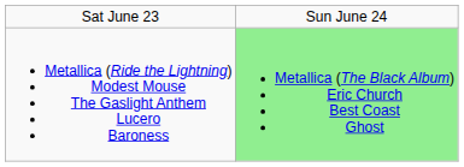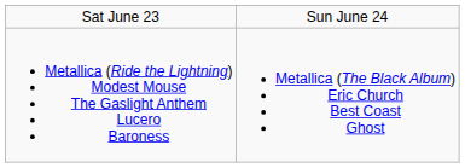 <table class="wikitable plainrowheaders" style="text-align:center;" border="1">
 <tr>
 <td>Sat June 23</td>
 <td>Sun June 24</td>
 </tr>
 <tr>
 <td><br><ul><li><a href='#'>Metallica</a> (<em><a href='#'>Ride the Lightning</a></em>)</li><li><a href='#'>Modest Mouse</a></li><li><a href='#'>The Gaslight Anthem</a></li><li><a href='#'>Lucero</a></li><li><a href='#'>Baroness</a></li></ul></td>
-<td style="background: lightgreen;"><br><ul><li><a href='#'>Metallica</a> (<em><a href='#'>The Black Album</a></em>)</li><li><a href='#'>Eric Church</a></li><li><a href='#'>Best Coast</a></li><li><a href='#'>Ghost</a></li></ul></td>
+<td><br><ul><li><a href='#'>Metallica</a> (<em><a href='#'>The Black Album</a></em>)</li><li><a href='#'>Eric Church</a></li><li><a href='#'>Best Coast</a></li><li><a href='#'>Ghost</a></li></ul></td>
 </tr>
 </table>
